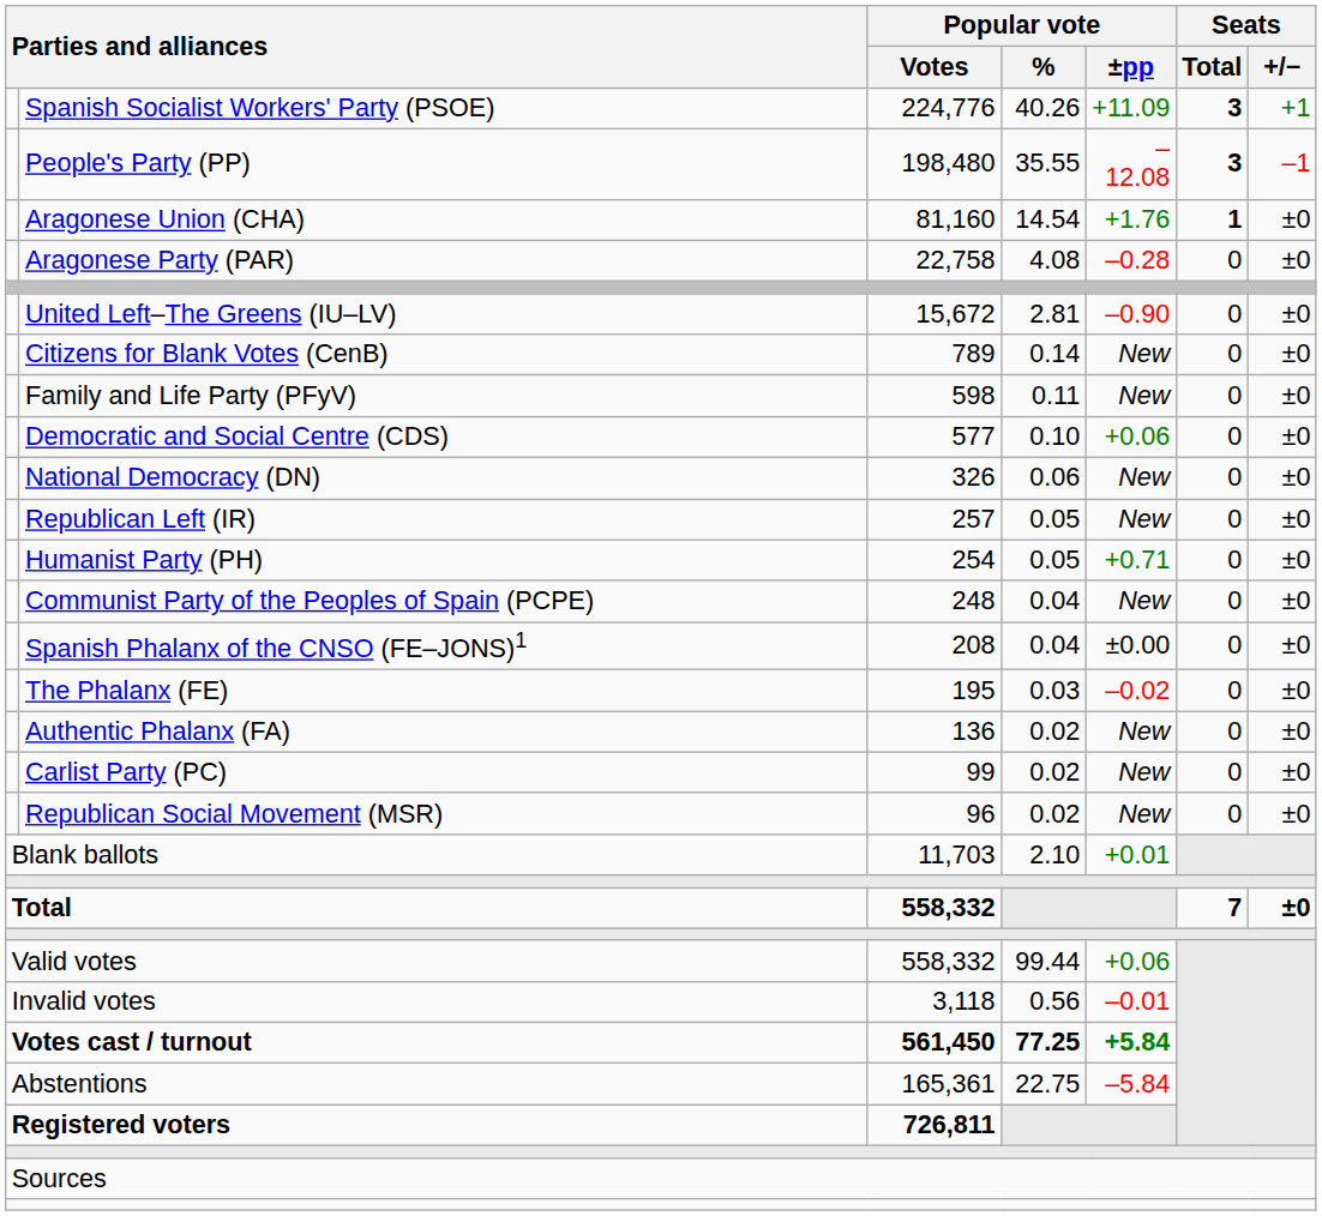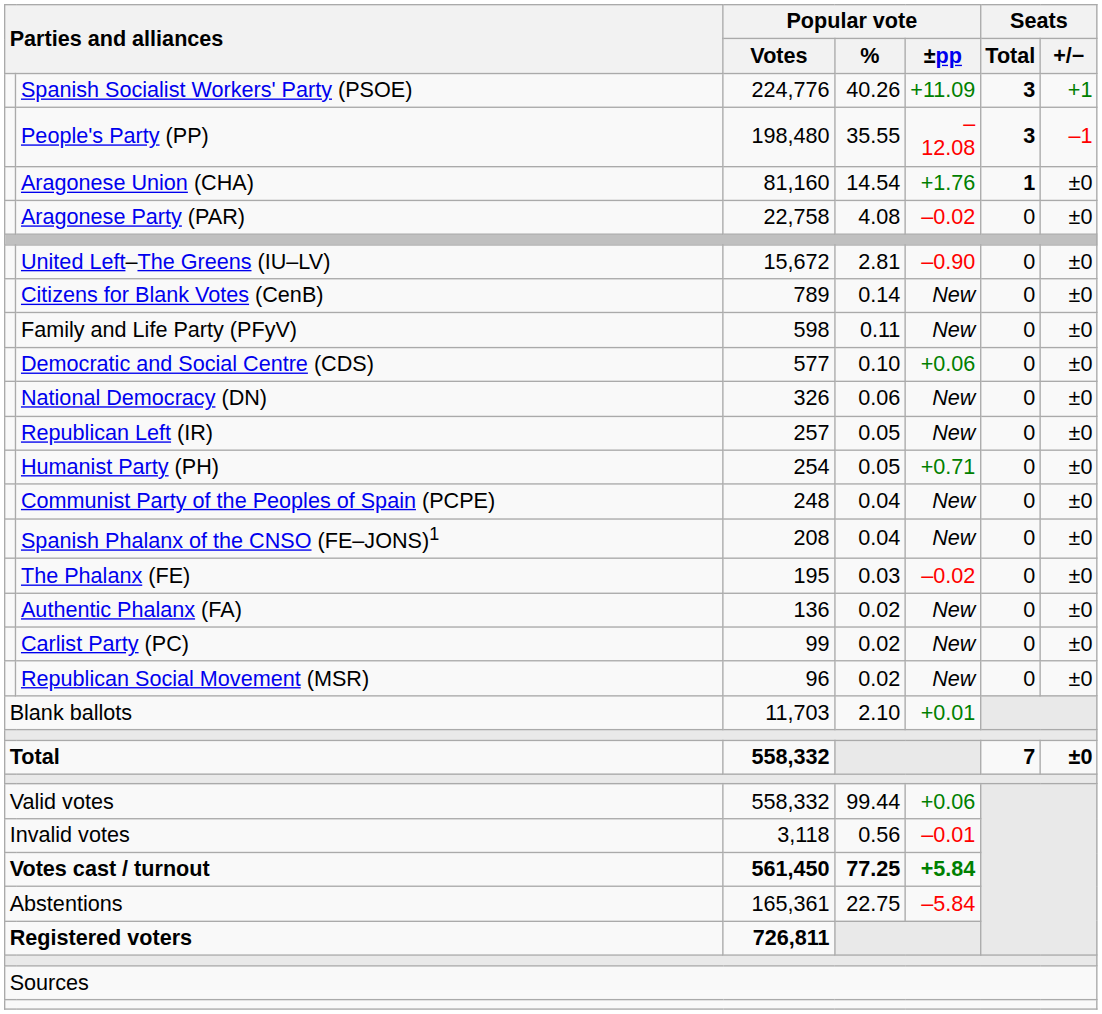 <table class="wikitable" style="text-align:right;">
 <tr>
 <th style="text-align:left;" rowspan="2" colspan="2" width="525">Parties and alliances</th>
 <th colspan="3">Popular vote</th>
 <th colspan="2">Seats</th>
 </tr>
 <tr>
 <th width="75">Votes</th>
 <th width="45">%</th>
 <th width="45">±<a href='#'>pp</a></th>
 <th width="35">Total</th>
 <th width="35">+/−</th>
 </tr>
 <tr>
 <td width="1" style="color:inherit;background:"></td>
 <td align="left"><a href='#'>Spanish Socialist Workers' Party</a> (PSOE)</td>
 <td>224,776</td>
 <td>40.26</td>
 <td style="color:green;">+11.09</td>
 <td><strong>3</strong></td>
 <td style="color:green;">+1</td>
 </tr>
 <tr>
 <td style="color:inherit;background:"></td>
 <td align="left"><a href='#'>People's Party</a> (PP)</td>
 <td>198,480</td>
 <td>35.55</td>
 <td style="color:red;">–12.08</td>
 <td><strong>3</strong></td>
 <td style="color:red;">–1</td>
 </tr>
 <tr>
 <td style="color:inherit;background:"></td>
 <td align="left"><a href='#'>Aragonese Union</a> (CHA)</td>
 <td>81,160</td>
 <td>14.54</td>
 <td style="color:green;">+1.76</td>
 <td><strong>1</strong></td>
 <td>±0</td>
 </tr>
 <tr>
 <td style="color:inherit;background:"></td>
 <td align="left"><a href='#'>Aragonese Party</a> (PAR)</td>
 <td>22,758</td>
 <td>4.08</td>
-<td style="color:red;">–0.28</td>
+<td style="color:red;">–0.02</td>
 <td>0</td>
 <td>±0</td>
 </tr>
 <tr>
 <td colspan="7" bgcolor="#C0C0C0"></td>
 </tr>
 <tr>
 <td style="color:inherit;background:"></td>
 <td align="left"><a href='#'>United Left</a>–<a href='#'>The Greens</a> (IU–LV)</td>
 <td>15,672</td>
 <td>2.81</td>
 <td style="color:red;">–0.90</td>
 <td>0</td>
 <td>±0</td>
 </tr>
 <tr>
 <td style="color:inherit;background:"></td>
 <td align="left"><a href='#'>Citizens for Blank Votes</a> (CenB)</td>
 <td>789</td>
 <td>0.14</td>
 <td><em>New</em></td>
 <td>0</td>
 <td>±0</td>
 </tr>
 <tr>
 <td style="color:inherit;background:"></td>
 <td align="left">Family and Life Party (PFyV)</td>
 <td>598</td>
 <td>0.11</td>
 <td><em>New</em></td>
 <td>0</td>
 <td>±0</td>
 </tr>
 <tr>
 <td style="color:inherit;background:"></td>
 <td align="left"><a href='#'>Democratic and Social Centre</a> (CDS)</td>
 <td>577</td>
 <td>0.10</td>
 <td style="color:green;">+0.06</td>
 <td>0</td>
 <td>±0</td>
 </tr>
 <tr>
 <td style="color:inherit;background:"></td>
 <td align="left"><a href='#'>National Democracy</a> (DN)</td>
 <td>326</td>
 <td>0.06</td>
 <td><em>New</em></td>
 <td>0</td>
 <td>±0</td>
 </tr>
 <tr>
 <td style="color:inherit;background:"></td>
 <td align="left"><a href='#'>Republican Left</a> (IR)</td>
 <td>257</td>
 <td>0.05</td>
 <td><em>New</em></td>
 <td>0</td>
 <td>±0</td>
 </tr>
 <tr>
 <td style="color:inherit;background:"></td>
 <td align="left"><a href='#'>Humanist Party</a> (PH)</td>
 <td>254</td>
 <td>0.05</td>
 <td style="color:green;">+0.71</td>
 <td>0</td>
 <td>±0</td>
 </tr>
 <tr>
 <td style="color:inherit;background:"></td>
 <td align="left"><a href='#'>Communist Party of the Peoples of Spain</a> (PCPE)</td>
 <td>248</td>
 <td>0.04</td>
 <td><em>New</em></td>
 <td>0</td>
 <td>±0</td>
 </tr>
 <tr>
 <td style="color:inherit;background:"></td>
 <td align="left"><a href='#'>Spanish Phalanx of the CNSO</a> (FE–JONS)<sup>1</sup></td>
 <td>208</td>
 <td>0.04</td>
-<td>±0.00</td>
+<td><em>New</em></td>
 <td>0</td>
 <td>±0</td>
 </tr>
 <tr>
 <td style="color:inherit;background:"></td>
 <td align="left"><a href='#'>The Phalanx</a> (FE)</td>
 <td>195</td>
 <td>0.03</td>
 <td style="color:red;">–0.02</td>
 <td>0</td>
 <td>±0</td>
 </tr>
 <tr>
 <td style="color:inherit;background:"></td>
 <td align="left"><a href='#'>Authentic Phalanx</a> (FA)</td>
 <td>136</td>
 <td>0.02</td>
 <td><em>New</em></td>
 <td>0</td>
 <td>±0</td>
 </tr>
 <tr>
 <td style="color:inherit;background:"></td>
 <td align="left"><a href='#'>Carlist Party</a> (PC)</td>
 <td>99</td>
 <td>0.02</td>
 <td><em>New</em></td>
 <td>0</td>
 <td>±0</td>
 </tr>
 <tr>
 <td style="color:inherit;background:"></td>
 <td align="left"><a href='#'>Republican Social Movement</a> (MSR)</td>
 <td>96</td>
 <td>0.02</td>
 <td><em>New</em></td>
 <td>0</td>
 <td>±0</td>
 </tr>
 <tr>
 <td align="left" colspan="2">Blank ballots</td>
 <td>11,703</td>
 <td>2.10</td>
 <td style="color:green;">+0.01</td>
 <td bgcolor="#E9E9E9" colspan="2"></td>
 </tr>
 <tr>
 <td colspan="7" bgcolor="#E9E9E9"></td>
 </tr>
 <tr style="font-weight:bold;">
 <td align="left" colspan="2">Total</td>
 <td>558,332</td>
 <td bgcolor="#E9E9E9" colspan="2"></td>
 <td>7</td>
 <td>±0</td>
 </tr>
 <tr>
 <td colspan="7" bgcolor="#E9E9E9"></td>
 </tr>
 <tr>
 <td align="left" colspan="2">Valid votes</td>
 <td>558,332</td>
 <td>99.44</td>
 <td style="color:green;">+0.06</td>
 <td bgcolor="#E9E9E9" colspan="2" rowspan="5"></td>
 </tr>
 <tr>
 <td align="left" colspan="2">Invalid votes</td>
 <td>3,118</td>
 <td>0.56</td>
 <td style="color:red;">–0.01</td>
 </tr>
 <tr style="font-weight:bold;">
 <td align="left" colspan="2">Votes cast / turnout</td>
 <td>561,450</td>
 <td>77.25</td>
 <td style="color:green;">+5.84</td>
 </tr>
 <tr>
 <td align="left" colspan="2">Abstentions</td>
 <td>165,361</td>
 <td>22.75</td>
 <td style="color:red;">–5.84</td>
 </tr>
 <tr style="font-weight:bold;">
 <td align="left" colspan="2">Registered voters</td>
 <td>726,811</td>
 <td bgcolor="#E9E9E9" colspan="2"></td>
 </tr>
 <tr>
 <td colspan="7" bgcolor="#E9E9E9"></td>
 </tr>
 <tr>
 <td align="left" colspan="7">Sources</td>
 </tr>
 <tr>
 <td colspan="7" style="text-align:left; max-width:790px;"></td>
 </tr>
 </table>
